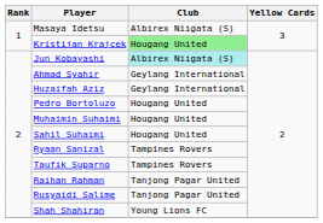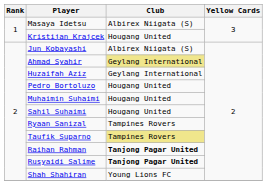 <table class="wikitable plainrowheaders sortable" style="font-size:90%">
 <tr>
 <th>Rank</th>
 <th>Player</th>
 <th>Club</th>
 <th>Yellow Cards</th>
 </tr>
 <tr>
 <td align="center" rowspan="2">1</td>
 <td> Masaya Idetsu</td>
 <td>Albirex Niigata (S)</td>
 <td align="center" rowspan="2">3</td>
 </tr>
 <tr>
 <td> <a href='#'>Kristijan Krajcek</a></td>
-<td style="background: lightgreen;">Hougang United</td>
+<td>Hougang United</td>
 </tr>
 <tr>
 <td align="center" rowspan="11">2</td>
 <td> <a href='#'>Jun Kobayashi</a></td>
-<td style="background: paleturquoise;">Albirex Niigata (S)</td>
+<td>Albirex Niigata (S)</td>
 <td align="center" rowspan="11">2</td>
 </tr>
 <tr>
 <td> <a href='#'>Ahmad Syahir</a></td>
-<td>Geylang International</td>
+<td style="background: khaki;">Geylang International</td>
 </tr>
 <tr>
 <td> <a href='#'>Huzaifah Aziz</a></td>
 <td>Geylang International</td>
 </tr>
 <tr>
 <td> <a href='#'>Pedro Bortoluzo</a></td>
 <td>Hougang United</td>
 </tr>
 <tr>
 <td> <a href='#'>Muhaimin Suhaimi</a></td>
 <td>Hougang United</td>
 </tr>
 <tr>
 <td> <a href='#'>Sahil Suhaimi</a></td>
 <td>Hougang United</td>
 </tr>
 <tr>
 <td> <a href='#'>Ryaan Sanizal</a></td>
 <td>Tampines Rovers</td>
 </tr>
 <tr>
 <td> <a href='#'>Taufik Suparno</a></td>
-<td>Tampines Rovers</td>
+<td style="background: khaki;">Tampines Rovers</td>
 </tr>
 <tr>
 <td> <a href='#'>Raihan Rahman</a></td>
-<td>Tanjong Pagar United</td>
+<td><strong>Tanjong Pagar United</strong></td>
 </tr>
 <tr>
 <td> <a href='#'>Rusyaidi Salime</a></td>
-<td>Tanjong Pagar United</td>
+<td><strong>Tanjong Pagar United</strong></td>
 </tr>
 <tr>
 <td> <a href='#'>Shah Shahiran</a></td>
 <td>Young Lions FC</td>
 </tr>
 <tr>
 </tr>
 </table>
